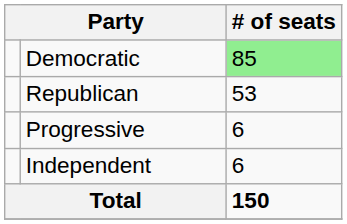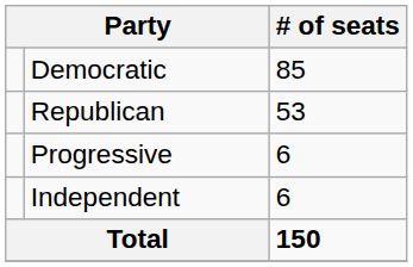 <table class="wikitable sortable">
 <tr>
 <th colspan="2" style="width:150px;">Party</th>
 <th># of seats</th>
 </tr>
 <tr>
 <td></td>
 <td>Democratic</td>
-<td style="background: lightgreen;">85</td>
+<td>85</td>
 </tr>
 <tr>
 <td></td>
 <td>Republican</td>
 <td>53</td>
 </tr>
 <tr>
 <td></td>
 <td>Progressive</td>
 <td>6</td>
 </tr>
 <tr>
 <td></td>
 <td>Independent</td>
 <td>6</td>
 </tr>
 <tr>
 <th colspan=2>Total</th>
 <td><strong>150</strong></td>
 </tr>
 <tr>
 </tr>
 </table>
